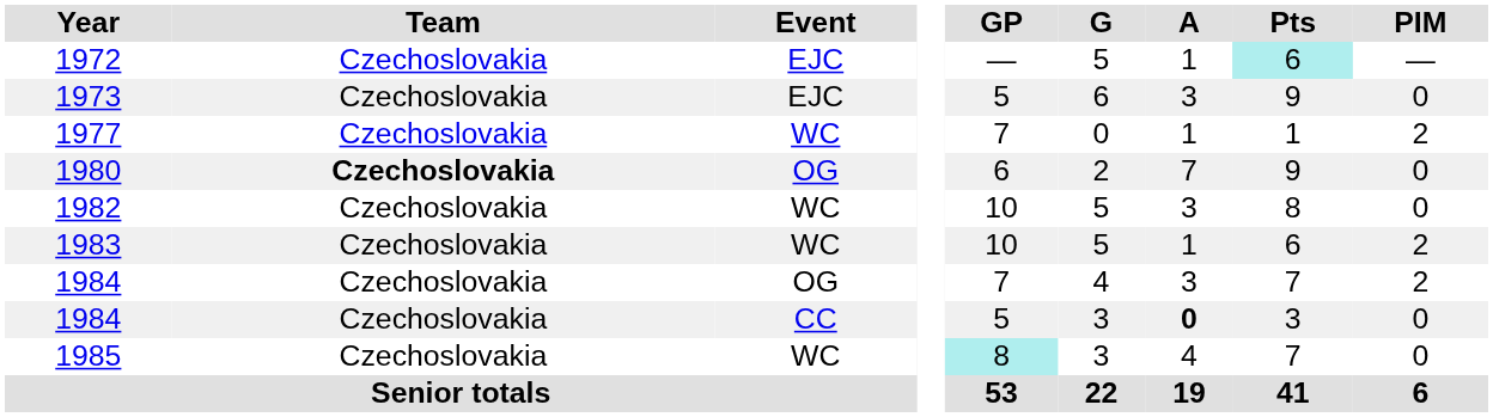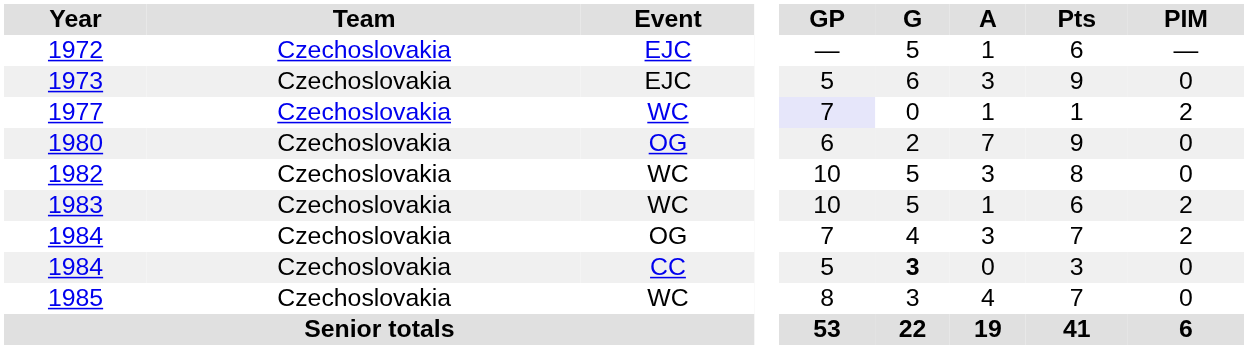 <table border="0" cellpadding="1" cellspacing="0" style="text-align:center; width:50em">
 <tr ALIGN="center" bgcolor="#e0e0e0">
 <th>Year</th>
 <th>Team</th>
 <th>Event</th>
 <th rowspan="99" bgcolor="#ffffff"> </th>
 <th>GP</th>
 <th>G</th>
 <th>A</th>
 <th>Pts</th>
 <th>PIM</th>
 </tr>
 <tr>
 <td><a href='#'>1972</a></td>
 <td><a href='#'>Czechoslovakia</a></td>
 <td><a href='#'>EJC</a></td>
 <td>—</td>
 <td>5</td>
 <td>1</td>
-<td style="background: paleturquoise;">6</td>
+<td>6</td>
 <td>—</td>
 </tr>
 <tr bgcolor="#f0f0f0">
 <td><a href='#'>1973</a></td>
 <td>Czechoslovakia</td>
 <td>EJC</td>
 <td>5</td>
 <td>6</td>
 <td>3</td>
 <td>9</td>
 <td>0</td>
 </tr>
 <tr>
 <td><a href='#'>1977</a></td>
 <td><a href='#'>Czechoslovakia</a></td>
 <td><a href='#'>WC</a></td>
-<td>7</td>
+<td style="background: lavender;">7</td>
 <td>0</td>
 <td>1</td>
 <td>1</td>
 <td>2</td>
 </tr>
 <tr bgcolor="#f0f0f0">
 <td><a href='#'>1980</a></td>
-<td><strong>Czechoslovakia</strong></td>
+<td>Czechoslovakia</td>
 <td><a href='#'>OG</a></td>
 <td>6</td>
 <td>2</td>
 <td>7</td>
 <td>9</td>
 <td>0</td>
 </tr>
 <tr>
 <td><a href='#'>1982</a></td>
 <td>Czechoslovakia</td>
 <td>WC</td>
 <td>10</td>
 <td>5</td>
 <td>3</td>
 <td>8</td>
 <td>0</td>
 </tr>
 <tr bgcolor="#f0f0f0">
 <td><a href='#'>1983</a></td>
 <td>Czechoslovakia</td>
 <td>WC</td>
 <td>10</td>
 <td>5</td>
 <td>1</td>
 <td>6</td>
 <td>2</td>
 </tr>
 <tr>
 <td><a href='#'>1984</a></td>
 <td>Czechoslovakia</td>
 <td>OG</td>
 <td>7</td>
 <td>4</td>
 <td>3</td>
 <td>7</td>
 <td>2</td>
 </tr>
 <tr bgcolor="#f0f0f0">
 <td><a href='#'>1984</a></td>
 <td>Czechoslovakia</td>
 <td><a href='#'>CC</a></td>
 <td>5</td>
-<td>3</td>
-<td><strong>0</strong></td>
+<td><strong>3</strong></td>
+<td>0</td>
 <td>3</td>
 <td>0</td>
 </tr>
 <tr>
 <td><a href='#'>1985</a></td>
 <td>Czechoslovakia</td>
 <td>WC</td>
-<td style="background: paleturquoise;">8</td>
+<td>8</td>
 <td>3</td>
 <td>4</td>
 <td>7</td>
 <td>0</td>
 </tr>
 <tr bgcolor="#e0e0e0">
 <th colspan="3">Senior totals</th>
 <th>53</th>
 <th>22</th>
 <th>19</th>
 <th>41</th>
 <th>6</th>
 </tr>
 </table>
